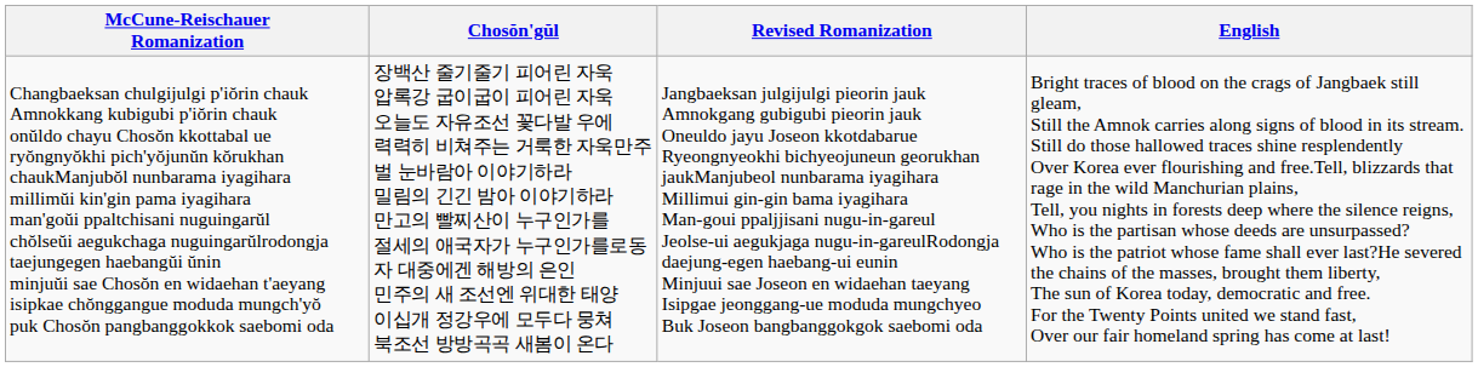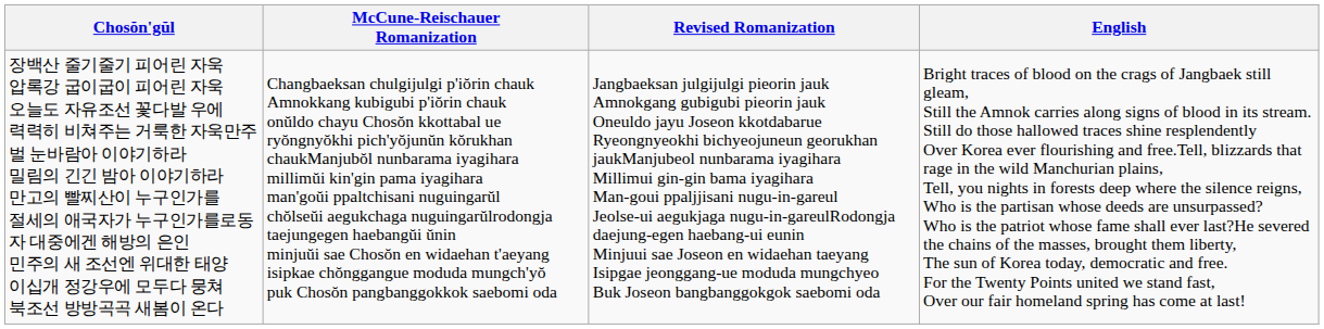 <table class="wikitable">
 <tr>
+<th><a href='#'>Chosŏn'gŭl</a></th>
 <th><a href='#'>McCune-Reischauer</a><br><a href='#'>Romanization</a></th>
-<th><a href='#'>Chosŏn'gŭl</a></th>
 <th><a href='#'>Revised Romanization</a></th>
 <th><a href='#'>English</a></th>
 </tr>
 <tr>
+<td>장백산 줄기줄기 피어린 자욱<br>압록강 굽이굽이 피어린 자욱<br>오늘도 자유조선 꽃다발 우에<br>력력히 비쳐주는 거룩한 자욱만주벌 눈바람아 이야기하라<br>밀림의 긴긴 밤아 이야기하라<br>만고의 빨찌산이 누구인가를<br>절세의 애국자가 누구인가를로동자 대중에겐 해방의 은인<br>민주의 새 조선엔 위대한 태양<br>이십개 정강우에 모두다 뭉쳐<br>북조선 방방곡곡 새봄이 온다</td>
 <td>Changbaeksan chulgijulgi p'iŏrin chauk<br>Amnokkang kubigubi p'iŏrin chauk<br>onŭldo chayu Chosŏn kkottabal ue<br>ryŏngnyŏkhi pich'yŏjunŭn kŏrukhan chaukManjubŏl nunbarama iyagihara<br>millimŭi kin'gin pama iyagihara<br>man'goŭi ppaltchisani nuguingarŭl<br>chŏlseŭi aegukchaga nuguingarŭlrodongja taejungegen haebangŭi ŭnin<br>minjuŭi sae Chosŏn en widaehan t'aeyang<br>isipkae chŏnggangue moduda mungch'yŏ<br>puk Chosŏn pangbanggokkok saebomi oda</td>
-<td>장백산 줄기줄기 피어린 자욱<br>압록강 굽이굽이 피어린 자욱<br>오늘도 자유조선 꽃다발 우에<br>력력히 비쳐주는 거룩한 자욱만주벌 눈바람아 이야기하라<br>밀림의 긴긴 밤아 이야기하라<br>만고의 빨찌산이 누구인가를<br>절세의 애국자가 누구인가를로동자 대중에겐 해방의 은인<br>민주의 새 조선엔 위대한 태양<br>이십개 정강우에 모두다 뭉쳐<br>북조선 방방곡곡 새봄이 온다</td>
 <td>Jangbaeksan julgijulgi pieorin jauk<br>Amnokgang gubigubi pieorin jauk<br>Oneuldo jayu Joseon kkotdabarue<br>Ryeongnyeokhi bichyeojuneun georukhan jaukManjubeol nunbarama iyagihara<br>Millimui gin-gin bama iyagihara<br>Man-goui ppaljjisani nugu-in-gareul<br>Jeolse-ui aegukjaga nugu-in-gareulRodongja daejung-egen haebang-ui eunin<br>Minjuui sae Joseon en widaehan taeyang<br>Isipgae jeonggang-ue moduda mungchyeo<br>Buk Joseon bangbanggokgok saebomi oda</td>
 <td>Bright traces of blood on the crags of Jangbaek still gleam,<br>Still the Amnok carries along signs of blood in its stream.<br>Still do those hallowed traces shine resplendently<br>Over Korea ever flourishing and free.Tell, blizzards that rage in the wild Manchurian plains,<br>Tell, you nights in forests deep where the silence reigns,<br>Who is the partisan whose deeds are unsurpassed?<br>Who is the patriot whose fame shall ever last?He severed the chains of the masses, brought them liberty,<br>The sun of Korea today, democratic and free.<br>For the Twenty Points united we stand fast,<br>Over our fair homeland spring has come at last!</td>
 </tr>
 </table>
